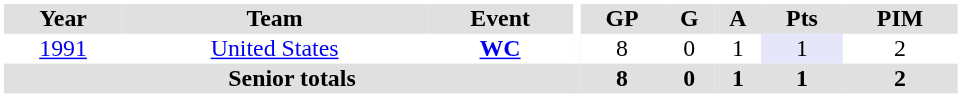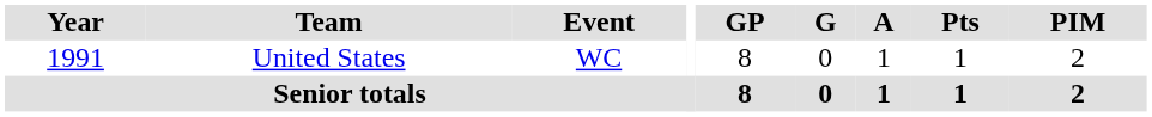 <table border="0" cellpadding="1" cellspacing="0" ID="Table3" style="text-align:center; width:40em">
 <tr bgcolor="#e0e0e0">
 <th>Year</th>
 <th>Team</th>
 <th>Event</th>
 <th rowspan="102" bgcolor="#ffffff"></th>
 <th>GP</th>
 <th>G</th>
 <th>A</th>
 <th>Pts</th>
 <th>PIM</th>
 </tr>
 <tr>
 <td><a href='#'>1991</a></td>
 <td><a href='#'>United States</a></td>
-<td><strong><a href='#'>WC</a></strong></td>
+<td><a href='#'>WC</a></td>
 <td>8</td>
 <td>0</td>
 <td>1</td>
-<td style="background: lavender;">1</td>
+<td>1</td>
 <td>2</td>
 </tr>
 <tr bgcolor="#e0e0e0">
 <th colspan="4">Senior totals</th>
 <th>8</th>
 <th>0</th>
 <th>1</th>
 <th>1</th>
 <th>2</th>
 </tr>
 </table>
